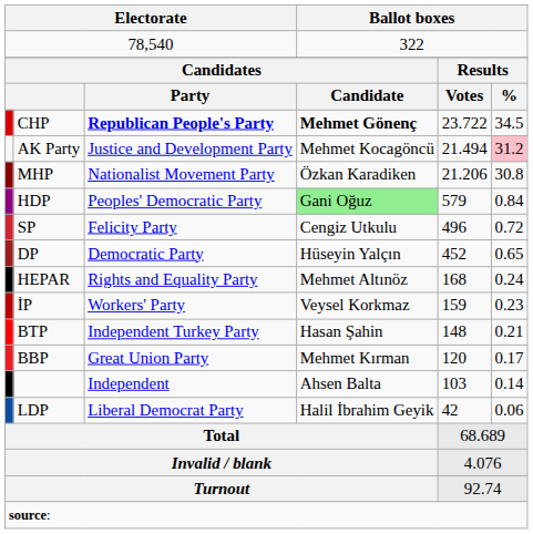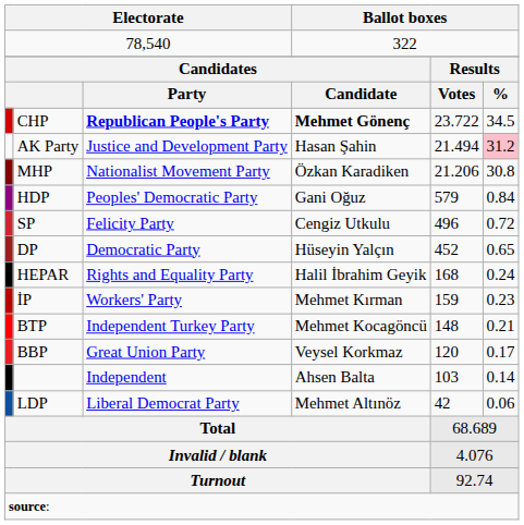 <table class="wikitable">
 <tr style="background-color:#F2F2F2">
 <td align="center" colspan="3"><strong>Electorate</strong></td>
 <td align="center" colspan="7"><strong>Ballot boxes</strong></td>
 </tr>
 <tr align="left">
 <td align="center" colspan="3">78,540</td>
 <td align="center" colspan="7">322</td>
 </tr>
 <tr>
 </tr>
 <tr style="background-color:#E9E9E9">
 </tr>
 <tr>
 <th align="center" colspan="4">Candidates</th>
 <th align="center" colspan="6">Results</th>
 </tr>
 <tr style="background-color:#E9E9E9">
 <th align="center" colspan="2"></th>
 <th align="center">Party</th>
 <th align="center">Candidate</th>
 <th align="center">Votes</th>
 <th align="center">%</th>
 </tr>
 <tr align="left">
 <td bgcolor="#d50000" width=1></td>
 <td>CHP</td>
 <td><strong><a href='#'>Republican People's Party</a></strong></td>
 <td><strong>Mehmet Gönenç</strong></td>
 <td>23.722</td>
 <td>34.5</td>
 </tr>
 <tr align="left">
 <td></td>
 <td>AK Party</td>
 <td><a href='#'>Justice and Development Party</a></td>
-<td>Mehmet Kocagöncü</td>
+<td>Hasan Şahin</td>
 <td>21.494</td>
 <td style="background: pink;">31.2</td>
 </tr>
 <tr align="left">
 <td bgcolor="#870000" width=1></td>
 <td>MHP</td>
 <td><a href='#'>Nationalist Movement Party</a></td>
 <td>Özkan Karadiken</td>
 <td>21.206</td>
 <td>30.8</td>
 </tr>
 <tr align="left">
 <td bgcolor="#91007B" width=1></td>
 <td>HDP</td>
 <td><a href='#'>Peoples' Democratic Party</a></td>
-<td style="background: lightgreen;">Gani Oğuz</td>
+<td>Gani Oğuz</td>
 <td>579</td>
 <td>0.84</td>
 </tr>
 <tr align="left">
 <td bgcolor="#D02433" width=1></td>
 <td>SP</td>
 <td><a href='#'>Felicity Party</a></td>
 <td>Cengiz Utkulu</td>
 <td>496</td>
 <td>0.72</td>
 </tr>
 <tr align="left">
 <td bgcolor="#9D1D1E" width=1></td>
 <td>DP</td>
 <td><a href='#'>Democratic Party</a></td>
 <td>Hüseyin Yalçın</td>
 <td>452</td>
 <td>0.65</td>
 </tr>
 <tr align="left">
 <td bgcolor="#000000" width=1></td>
 <td>HEPAR</td>
 <td><a href='#'>Rights and Equality Party</a></td>
-<td>Mehmet Altınöz</td>
+<td>Halil İbrahim Geyik</td>
 <td>168</td>
 <td>0.24</td>
 </tr>
 <tr align="left">
 <td bgcolor="#BB0000" width=1></td>
 <td>İP</td>
 <td><a href='#'>Workers' Party</a></td>
-<td>Veysel Korkmaz</td>
+<td>Mehmet Kırman</td>
 <td>159</td>
 <td>0.23</td>
 </tr>
 <tr align="left">
 <td bgcolor="#FE0000" width=1></td>
 <td>BTP</td>
 <td><a href='#'>Independent Turkey Party</a></td>
-<td>Hasan Şahin</td>
+<td>Mehmet Kocagöncü</td>
 <td>148</td>
 <td>0.21</td>
 </tr>
 <tr align="left">
 <td bgcolor="#ED1C24" width=1></td>
 <td>BBP</td>
 <td><a href='#'>Great Union Party</a></td>
-<td>Mehmet Kırman</td>
+<td>Veysel Korkmaz</td>
 <td>120</td>
 <td>0.17</td>
 </tr>
 <tr align="left">
 <td bgcolor=" " width=1></td>
 <td></td>
 <td><a href='#'>Independent</a></td>
 <td>Ahsen Balta</td>
 <td>103</td>
 <td>0.14</td>
 </tr>
 <tr align="left">
 <td bgcolor="#0C4DA2" width=1></td>
 <td>LDP</td>
 <td><a href='#'>Liberal Democrat Party</a></td>
-<td>Halil İbrahim Geyik</td>
+<td>Mehmet Altınöz</td>
 <td>42</td>
 <td>0.06</td>
 </tr>
 <tr style="background-color:#E9E9E9" align="left">
 <th align="center" colspan="4"><strong>Total</strong></th>
 <td align="center" colspan="5">68.689</td>
 </tr>
 <tr style="background-color:#E9E9E9" align="left">
 <th align="center" colspan="4"><em>Invalid / blank</em></th>
 <td align="center" colspan="5">4.076</td>
 </tr>
 <tr style="background-color:#E9E9E9" align="left">
 <th align="center" colspan="4"><em>Turnout</em></th>
 <td align="center" colspan="5">92.74</td>
 </tr>
 <tr>
 <td align="left" colspan=10><small><strong>source</strong>: </small></td>
 </tr>
 </table>
